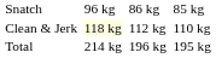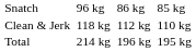 <table>
 <tr>
 <td>Snatch</td>
 <td></td>
 <td>96 kg</td>
 <td></td>
 <td>86 kg</td>
 <td></td>
 <td>85 kg</td>
 </tr>
 <tr>
 <td>Clean & Jerk</td>
 <td></td>
-<td style="background: lightyellow;">118 kg</td>
+<td>118 kg</td>
 <td></td>
 <td>112 kg</td>
 <td></td>
 <td>110 kg</td>
 </tr>
 <tr>
 <td>Total</td>
 <td></td>
 <td>214 kg</td>
 <td></td>
 <td>196 kg</td>
 <td></td>
 <td>195 kg</td>
 </tr>
 </table>
